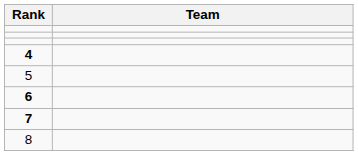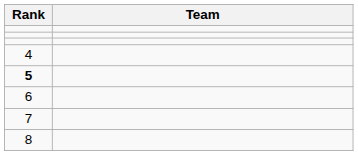 <table class="wikitable" style="text-align: center;">
 <tr>
 <th width=50>Rank</th>
 <th width=350>Team</th>
 </tr>
 <tr>
 <td></td>
 <td align="left"></td>
 </tr>
 <tr>
 <td></td>
 <td align="left"></td>
 </tr>
 <tr>
 <td></td>
 <td align="left"></td>
 </tr>
 <tr>
-<td><strong>4</strong></td>
+<td>4</td>
 <td align="left"></td>
 </tr>
 <tr>
-<td>5</td>
+<td><strong>5</strong></td>
 <td align="left"></td>
 </tr>
 <tr>
-<td><strong>6</strong></td>
+<td>6</td>
 <td align="left"></td>
 </tr>
 <tr>
-<td><strong>7</strong></td>
+<td>7</td>
 <td align="left"></td>
 </tr>
 <tr>
 <td>8</td>
 <td align="left"></td>
 </tr>
 </table>
